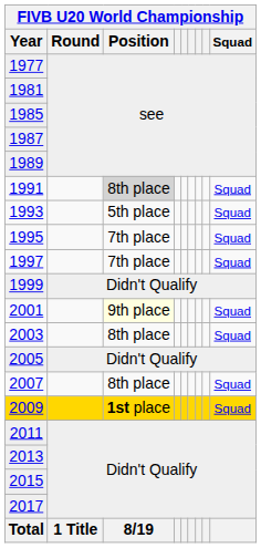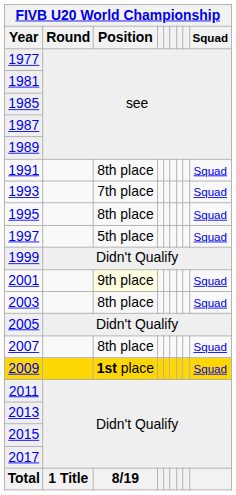 <table class="wikitable" style="text-align: center;">
 <tr>
 <th colspan=9><a href='#'>FIVB U20 World Championship</a></th>
 </tr>
 <tr>
 <th>Year</th>
 <th>Round</th>
 <th>Position</th>
 <th></th>
 <th></th>
 <th></th>
 <th></th>
 <th></th>
 <th><small>Squad</small></th>
 </tr>
 <tr bgcolor="efefef">
 <td> <a href='#'>1977</a></td>
 <td colspan="8" rowspan=5>see </td>
 </tr>
 <tr bgcolor="efefef">
 <td> <a href='#'>1981</a></td>
 </tr>
 <tr bgcolor="efefef">
 <td> <a href='#'>1985</a></td>
 </tr>
 <tr bgcolor="efefef">
 <td> <a href='#'>1987</a></td>
 </tr>
 <tr bgcolor="efefef">
 <td> <a href='#'>1989</a></td>
 </tr>
 <tr>
 <td> <a href='#'>1991</a></td>
 <td></td>
-<td style="background: lightgrey;">8th place</td>
+<td>8th place</td>
 <td></td>
 <td></td>
 <td></td>
 <td></td>
 <td></td>
 <td><small><a href='#'>Squad</a></small></td>
 </tr>
 <tr>
 <td> <a href='#'>1993</a></td>
 <td></td>
-<td>5th place</td>
+<td>7th place</td>
 <td></td>
 <td></td>
 <td></td>
 <td></td>
 <td></td>
 <td><small> <a href='#'>Squad</a></small></td>
 </tr>
 <tr>
 <td> <a href='#'>1995</a></td>
 <td></td>
-<td>7th place</td>
+<td>8th place</td>
 <td></td>
 <td></td>
 <td></td>
 <td></td>
 <td></td>
 <td><small><a href='#'>Squad</a></small></td>
 </tr>
 <tr>
 <td> <a href='#'>1997</a></td>
 <td></td>
-<td>7th place</td>
+<td>5th place</td>
 <td></td>
 <td></td>
 <td></td>
 <td></td>
 <td></td>
 <td><small><a href='#'>Squad</a></small></td>
 </tr>
 <tr bgcolor="efefef">
 <td> <a href='#'>1999</a></td>
 <td colspan="8">Didn't Qualify</td>
 </tr>
 <tr>
 <td> <a href='#'>2001</a></td>
 <td></td>
 <td style="background: lightyellow;">9th place</td>
 <td></td>
 <td></td>
 <td></td>
 <td></td>
 <td></td>
 <td><small><a href='#'>Squad</a></small></td>
 </tr>
 <tr>
 <td> <a href='#'>2003</a></td>
 <td></td>
 <td>8th place</td>
 <td></td>
 <td></td>
 <td></td>
 <td></td>
 <td></td>
 <td><small><a href='#'>Squad</a></small></td>
 </tr>
 <tr bgcolor="efefef">
 <td> <a href='#'>2005</a></td>
 <td Colspan="8">Didn't Qualify</td>
 </tr>
 <tr>
 <td> <a href='#'>2007</a></td>
 <td></td>
 <td>8th place</td>
 <td></td>
 <td></td>
 <td></td>
 <td></td>
 <td></td>
 <td><small><a href='#'>Squad</a></small></td>
 </tr>
 <tr bgcolor="gold">
 <td> <a href='#'>2009</a></td>
 <td></td>
 <td><strong>1st</strong> place</td>
 <td></td>
 <td></td>
 <td></td>
 <td></td>
 <td></td>
 <td><small><a href='#'>Squad</a></small></td>
 </tr>
 <tr bgcolor="efefef">
 <td> <a href='#'>2011</a></td>
 <td Colspan=8 rowspan=4>Didn't Qualify</td>
 </tr>
 <tr bgcolor="efefef">
 <td> <a href='#'>2013</a></td>
 </tr>
 <tr bgcolor="efefef">
 <td> <a href='#'>2015</a></td>
 </tr>
 <tr bgcolor="efefef">
 <td> <a href='#'>2017</a></td>
 </tr>
 <tr>
 <th>Total</th>
 <th>1 Title</th>
 <th>8/19</th>
 <th></th>
 <th></th>
 <th></th>
 <th></th>
 <th></th>
 <th></th>
 </tr>
 </table>
